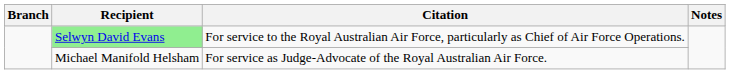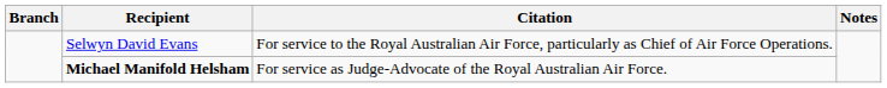 <table class="wikitable" style="font-size:95%;">
 <tr>
 <th>Branch</th>
 <th>Recipient</th>
 <th>Citation</th>
 <th>Notes</th>
 </tr>
 <tr>
 <td rowspan=2></td>
-<td style="background: lightgreen;"> <a href='#'>Selwyn David Evans</a> </td>
+<td> <a href='#'>Selwyn David Evans</a> </td>
 <td>For service to the Royal Australian Air Force, particularly as Chief of Air Force Operations.</td>
 <td rowspan=2></td>
 </tr>
 <tr>
-<td> Michael Manifold Helsham </td>
+<td><strong> Michael Manifold Helsham </strong></td>
 <td>For service as Judge-Advocate of the Royal Australian Air Force.</td>
 </tr>
 </table>
